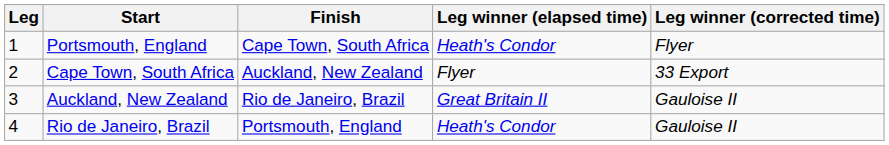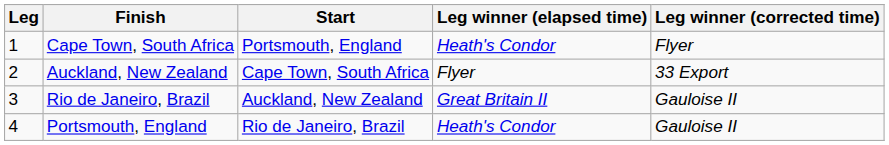 <table class=wikitable>
 <tr>
 <th>Leg</th>
+<th>Finish</th>
 <th>Start</th>
-<th>Finish</th>
 <th>Leg winner (elapsed time)</th>
 <th>Leg winner (corrected time)</th>
 </tr>
 <tr>
 <td>1</td>
+<td><a href='#'>Cape Town</a>, <a href='#'>South Africa</a></td>
 <td><a href='#'>Portsmouth</a>, <a href='#'>England</a></td>
-<td><a href='#'>Cape Town</a>, <a href='#'>South Africa</a></td>
 <td><em><a href='#'>Heath's Condor</a></em></td>
 <td><em>Flyer</em></td>
 </tr>
 <tr>
 <td>2</td>
+<td><a href='#'>Auckland</a>, <a href='#'>New Zealand</a></td>
 <td><a href='#'>Cape Town</a>, <a href='#'>South Africa</a></td>
-<td><a href='#'>Auckland</a>, <a href='#'>New Zealand</a></td>
 <td><em>Flyer</em></td>
 <td><em>33 Export</em></td>
 </tr>
 <tr>
 <td>3</td>
+<td><a href='#'>Rio de Janeiro</a>, <a href='#'>Brazil</a></td>
 <td><a href='#'>Auckland</a>, <a href='#'>New Zealand</a></td>
-<td><a href='#'>Rio de Janeiro</a>, <a href='#'>Brazil</a></td>
 <td><em><a href='#'>Great Britain II</a></em></td>
 <td><em>Gauloise II</em></td>
 </tr>
 <tr>
 <td>4</td>
+<td><a href='#'>Portsmouth</a>, <a href='#'>England</a></td>
 <td><a href='#'>Rio de Janeiro</a>, <a href='#'>Brazil</a></td>
-<td><a href='#'>Portsmouth</a>, <a href='#'>England</a></td>
 <td><em><a href='#'>Heath's Condor</a></em></td>
 <td><em>Gauloise II</em></td>
 </tr>
 </table>
